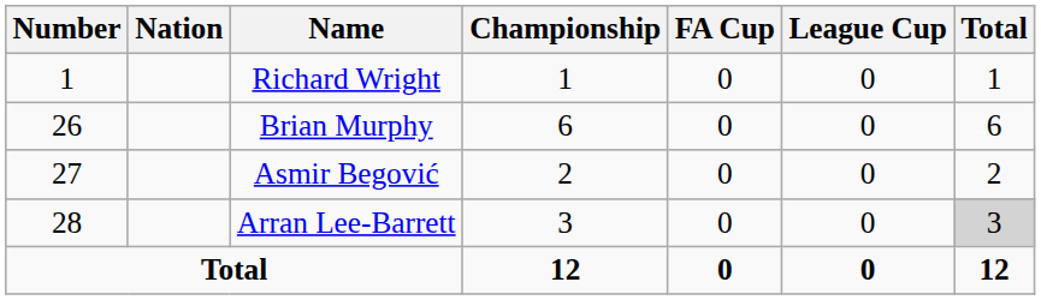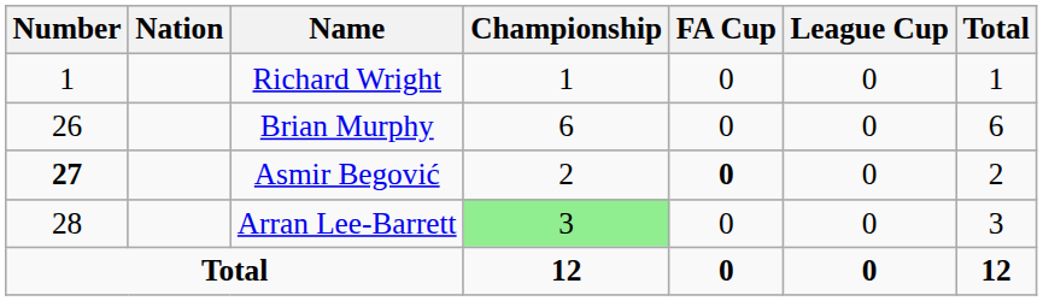 <table class="wikitable" style="text-align:center">
 <tr>
 <th width=0%>Number</th>
 <th width=0%>Nation</th>
 <th width=0%>Name</th>
 <th width=0%>Championship</th>
 <th width=0%>FA Cup</th>
 <th width=0%>League Cup</th>
 <th width=0%>Total</th>
 </tr>
 <tr>
 <td>1</td>
 <td></td>
 <td><a href='#'>Richard Wright</a></td>
 <td>1</td>
 <td>0</td>
 <td>0</td>
 <td>1</td>
 </tr>
 <tr>
 <td>26</td>
 <td></td>
 <td><a href='#'>Brian Murphy</a></td>
 <td>6</td>
 <td>0</td>
 <td>0</td>
 <td>6</td>
 </tr>
 <tr>
-<td>27</td>
+<td><strong>27</strong></td>
 <td></td>
 <td><a href='#'>Asmir Begović</a></td>
 <td>2</td>
-<td>0</td>
+<td><strong>0</strong></td>
 <td>0</td>
 <td>2</td>
 </tr>
 <tr>
 <td>28</td>
 <td></td>
 <td><a href='#'>Arran Lee-Barrett</a></td>
-<td>3</td>
+<td style="background: lightgreen;">3</td>
 <td>0</td>
 <td>0</td>
-<td style="background: lightgrey;">3</td>
+<td>3</td>
 </tr>
 <tr>
 <td colspan=3><strong>Total</strong></td>
 <td><strong>12</strong></td>
 <td><strong>0</strong></td>
 <td><strong>0</strong></td>
 <td><strong>12</strong></td>
 </tr>
 </table>
